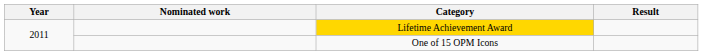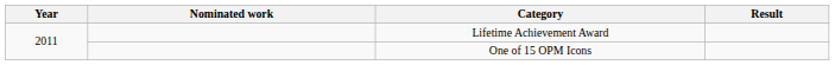 <table width="90%" class="wikitable sortable">
 <tr>
 <th width="10%">Year</th>
 <th width="35%">Nominated work</th>
 <th width="40%">Category</th>
 <th width="15%">Result</th>
 </tr>
 <tr>
 <td align="center" rowspan="2">2011</td>
 <td align="center"></td>
-<td align="center" style="background: gold;">Lifetime Achievement Award</td>
+<td align="center">Lifetime Achievement Award</td>
 <td></td>
 </tr>
 <tr>
 <td align="center"></td>
 <td align="center">One of 15 OPM Icons</td>
 <td></td>
 </tr>
 </table>
